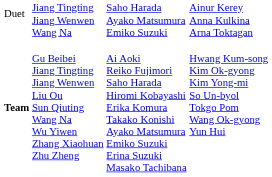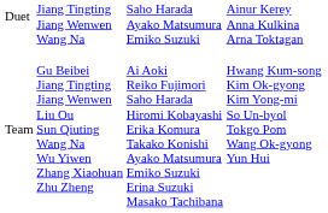 <table>
 <tr>
 <td>Duet<br></td>
 <td><br><a href='#'>Jiang Tingting</a><br><a href='#'>Jiang Wenwen</a><br><a href='#'>Wang Na</a></td>
 <td><br><a href='#'>Saho Harada</a><br><a href='#'>Ayako Matsumura</a><br><a href='#'>Emiko Suzuki</a></td>
 <td><br><a href='#'>Ainur Kerey</a><br><a href='#'>Anna Kulkina</a><br><a href='#'>Arna Toktagan</a></td>
 </tr>
 <tr>
-<td><strong>Team<br></strong></td>
+<td>Team<br></td>
 <td valign=top><br><a href='#'>Gu Beibei</a><br><a href='#'>Jiang Tingting</a><br><a href='#'>Jiang Wenwen</a><br><a href='#'>Liu Ou</a><br><a href='#'>Sun Qiuting</a><br><a href='#'>Wang Na</a><br><a href='#'>Wu Yiwen</a><br><a href='#'>Zhang Xiaohuan</a><br><a href='#'>Zhu Zheng</a></td>
 <td><br><a href='#'>Ai Aoki</a><br><a href='#'>Reiko Fujimori</a><br><a href='#'>Saho Harada</a><br><a href='#'>Hiromi Kobayashi</a><br><a href='#'>Erika Komura</a><br><a href='#'>Takako Konishi</a><br><a href='#'>Ayako Matsumura</a><br><a href='#'>Emiko Suzuki</a><br><a href='#'>Erina Suzuki</a><br><a href='#'>Masako Tachibana</a></td>
 <td valign=top><br><a href='#'>Hwang Kum-song</a><br><a href='#'>Kim Ok-gyong</a><br><a href='#'>Kim Yong-mi</a><br><a href='#'>So Un-byol</a><br><a href='#'>Tokgo Pom</a><br><a href='#'>Wang Ok-gyong</a><br><a href='#'>Yun Hui</a></td>
 </tr>
 </table>
